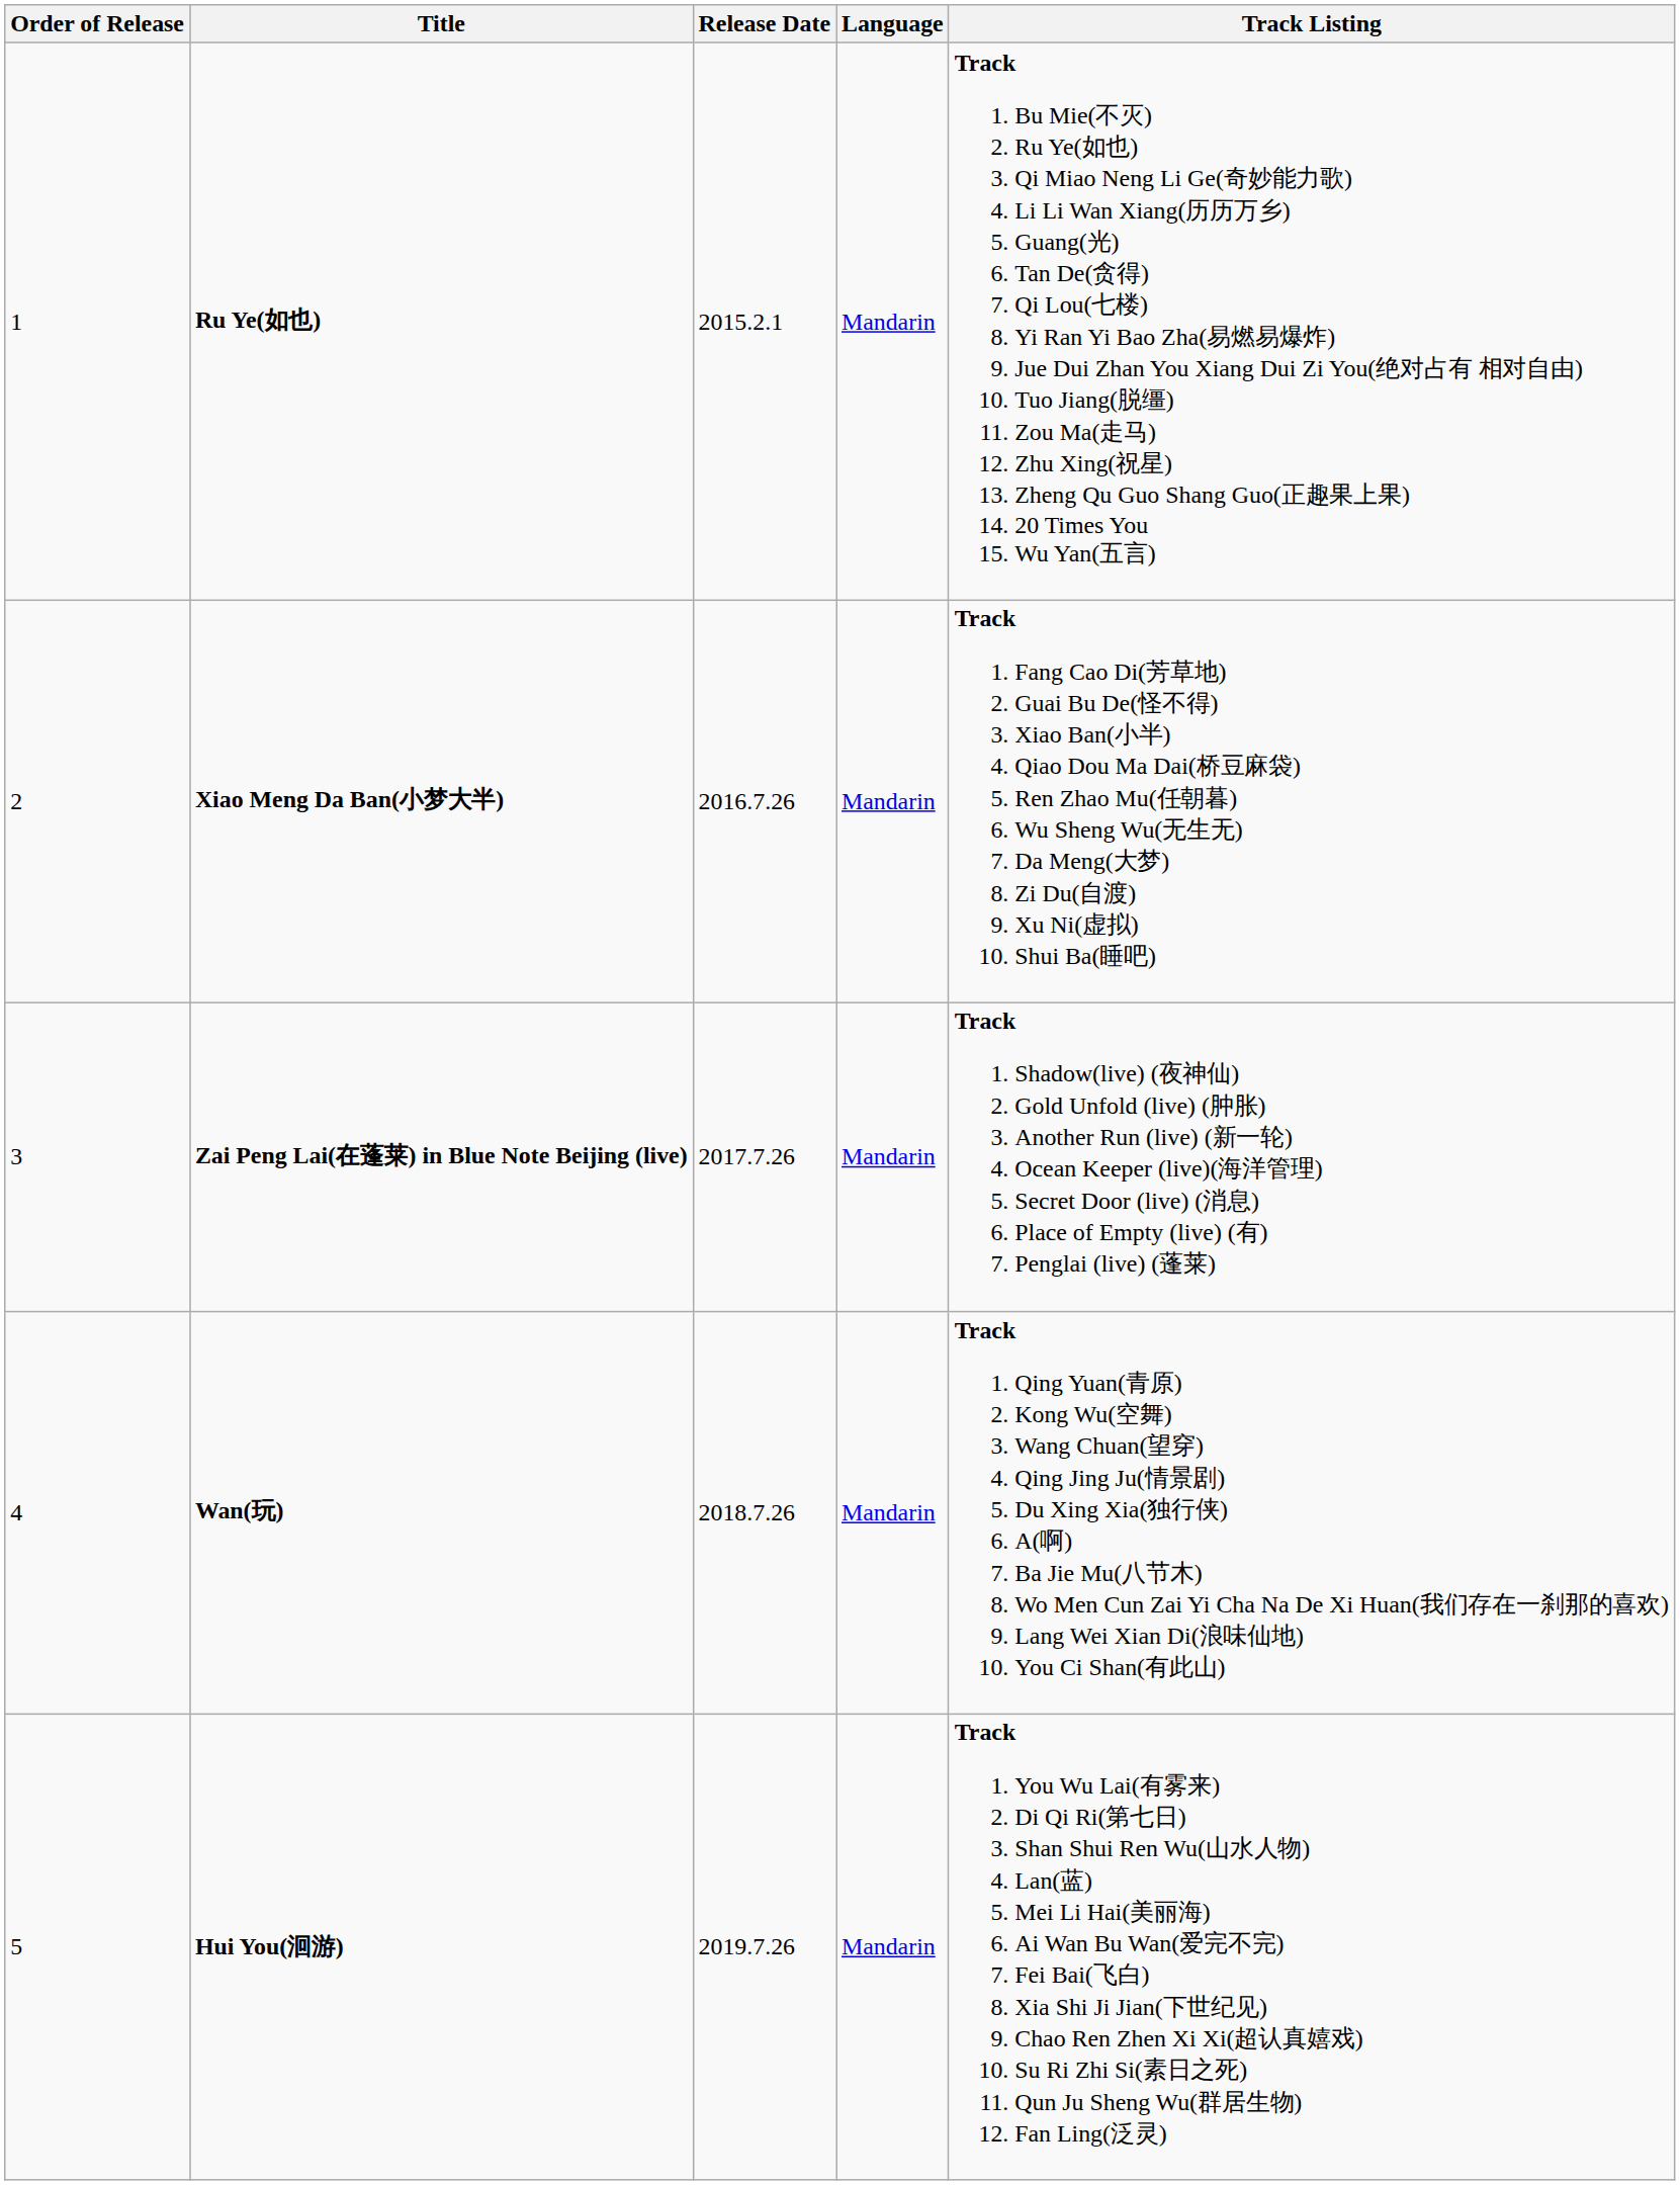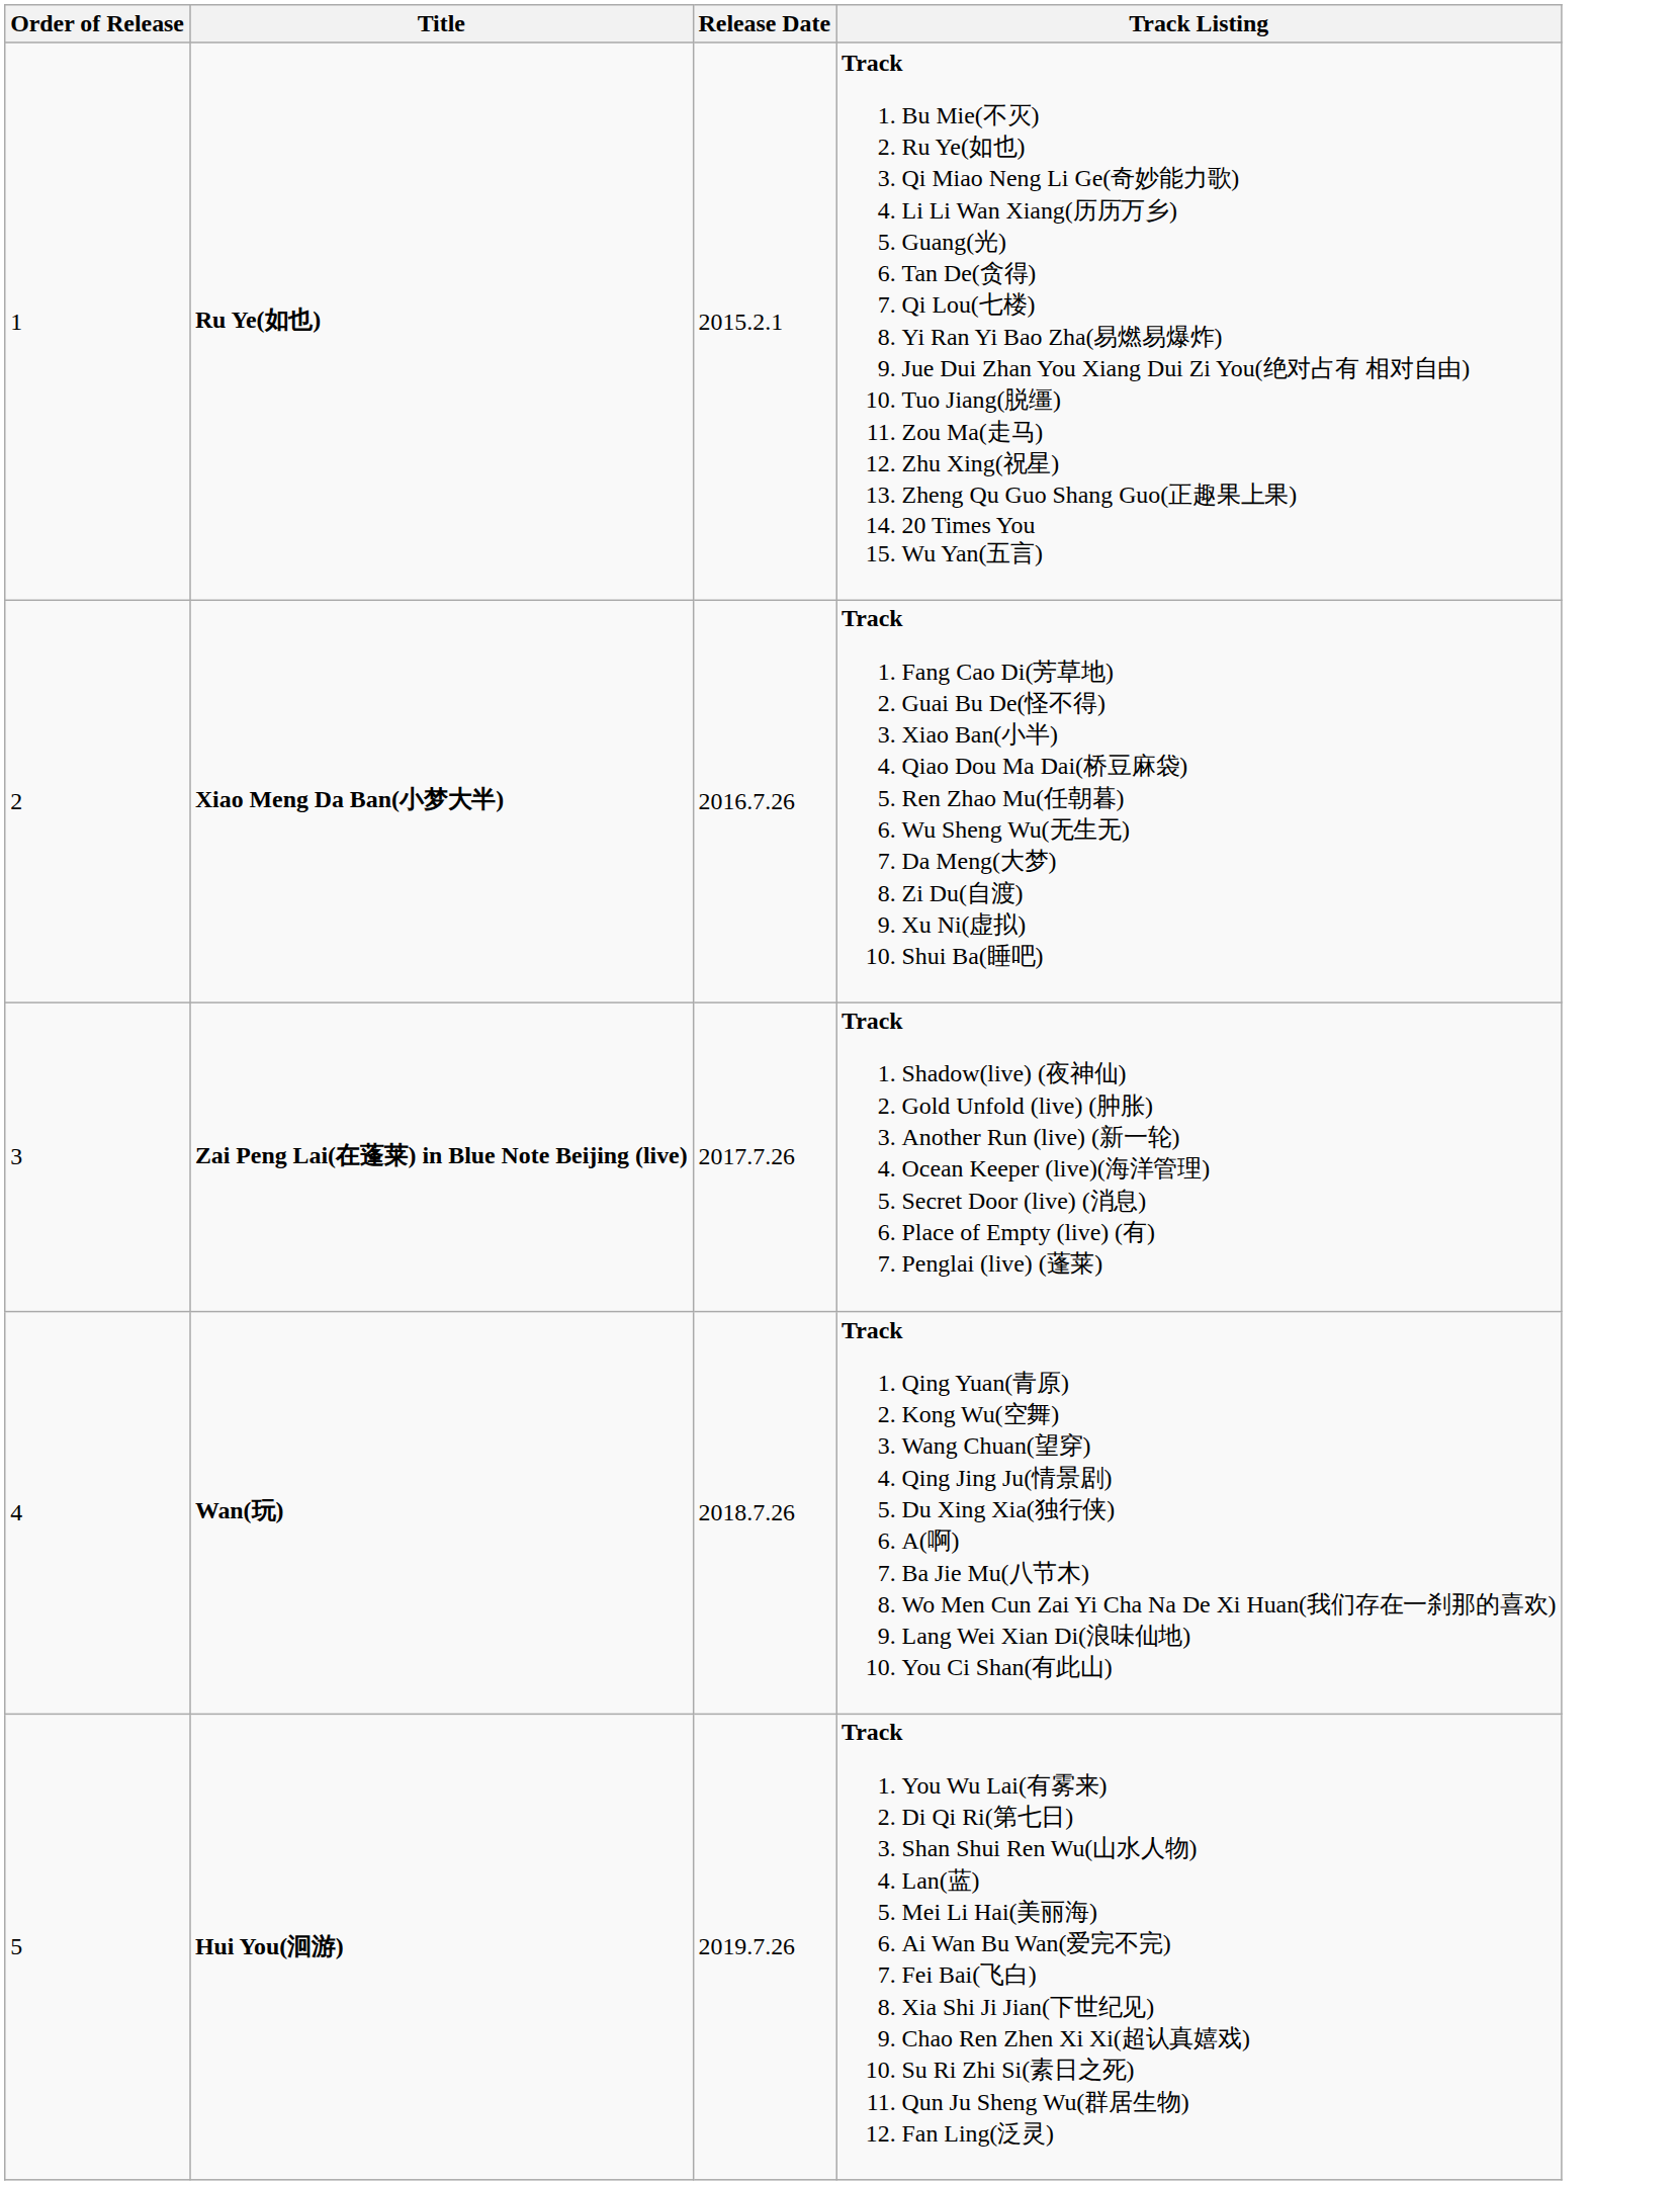 <table class="wikitable">
 <tr>
 <th>Order of Release</th>
 <th>Title</th>
 <th>Release Date</th>
-<th>Language</th>
 <th>Track Listing</th>
 </tr>
 <tr>
 <td>1</td>
 <td><strong>Ru Ye(如也)</strong></td>
 <td>2015.2.1</td>
-<td><a href='#'>Mandarin</a></td>
 <td><strong>Track</strong><br><ol><li>Bu Mie(不灭)</li><li>Ru Ye(如也)</li><li>Qi Miao Neng Li Ge(奇妙能力歌)</li><li>Li Li Wan Xiang(历历万乡)</li><li>Guang(光)</li><li>Tan De(贪得)</li><li>Qi Lou(七楼)</li><li>Yi Ran Yi Bao Zha(易燃易爆炸)</li><li>Jue Dui Zhan You Xiang Dui Zi You(绝对占有 相对自由)</li><li>Tuo Jiang(脱缰)</li><li>Zou Ma(走马)</li><li>Zhu Xing(祝星)</li><li>Zheng Qu Guo Shang Guo(正趣果上果)</li><li>20 Times You</li><li>Wu Yan(五言)</li></ol></td>
 </tr>
 <tr>
 <td>2</td>
 <td><strong>Xiao Meng Da Ban(小梦大半)</strong></td>
 <td>2016.7.26</td>
-<td><a href='#'>Mandarin</a></td>
 <td><strong>Track</strong><br><ol><li>Fang Cao Di(芳草地)</li><li>Guai Bu De(怪不得)</li><li>Xiao Ban(小半)</li><li>Qiao Dou Ma Dai(桥豆麻袋)</li><li>Ren Zhao Mu(任朝暮)</li><li>Wu Sheng Wu(无生无)</li><li>Da Meng(大梦)</li><li>Zi Du(自渡)</li><li>Xu Ni(虚拟)</li><li>Shui Ba(睡吧)</li></ol></td>
 </tr>
 <tr>
 <td>3</td>
 <td><strong>Zai Peng Lai(在蓬莱) in Blue Note Beijing (live)</strong></td>
 <td>2017.7.26</td>
-<td><a href='#'>Mandarin</a></td>
 <td><strong>Track</strong><br><ol><li>Shadow(live) (夜神仙)</li><li>Gold Unfold (live) (肿胀)</li><li>Another Run (live) (新一轮)</li><li>Ocean Keeper (live)(海洋管理)</li><li>Secret Door (live) (消息)</li><li>Place of Empty (live) (有)</li><li>Penglai (live) (蓬莱)</li></ol></td>
 </tr>
 <tr>
 <td>4</td>
 <td><strong>Wan(玩)</strong></td>
 <td>2018.7.26</td>
-<td><a href='#'>Mandarin</a></td>
 <td><strong>Track</strong><br><ol><li>Qing Yuan(青原)</li><li>Kong Wu(空舞)</li><li>Wang Chuan(望穿)</li><li>Qing Jing Ju(情景剧)</li><li>Du Xing Xia(独行侠)</li><li>A(啊)</li><li>Ba Jie Mu(八节木)</li><li>Wo Men Cun Zai Yi Cha Na De Xi Huan(我们存在一刹那的喜欢)</li><li>Lang Wei Xian Di(浪味仙地)</li><li>You Ci Shan(有此山)</li></ol></td>
 </tr>
 <tr>
 <td>5</td>
 <td><strong>Hui You(洄游)</strong></td>
 <td>2019.7.26</td>
-<td><a href='#'>Mandarin</a></td>
 <td><strong>Track</strong><br><ol><li>You Wu Lai(有雾来)</li><li>Di Qi Ri(第七日)</li><li>Shan Shui Ren Wu(山水人物)</li><li>Lan(蓝)</li><li>Mei Li Hai(美丽海)</li><li>Ai Wan Bu Wan(爱完不完)</li><li>Fei Bai(飞白)</li><li>Xia Shi Ji Jian(下世纪见)</li><li>Chao Ren Zhen Xi Xi(超认真嬉戏)</li><li>Su Ri Zhi Si(素日之死)</li><li>Qun Ju Sheng Wu(群居生物)</li><li>Fan Ling(泛灵)</li></ol></td>
 </tr>
 </table>
